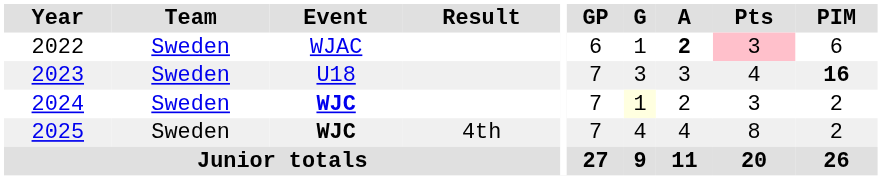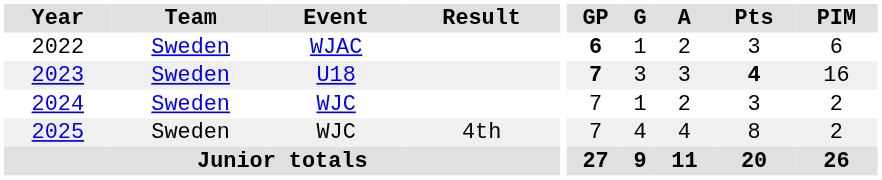 <table border="0" cellpadding="1" cellspacing="0" ID="Table3" style="text-align:center; width:40em;">
 <tr bgcolor="#e0e0e0">
 <th>Year</th>
 <th>Team</th>
 <th>Event</th>
 <th>Result</th>
 <th rowspan="102" bgcolor="#ffffff"></th>
 <th>GP</th>
 <th>G</th>
 <th>A</th>
 <th>Pts</th>
 <th>PIM</th>
 </tr>
 <tr>
 <td>2022</td>
 <td><a href='#'>Sweden</a></td>
 <td><a href='#'>WJAC</a></td>
 <td></td>
-<td>6</td>
+<td><strong>6</strong></td>
 <td>1</td>
-<td><strong>2</strong></td>
-<td style="background: pink;">3</td>
+<td>2</td>
+<td>3</td>
 <td>6</td>
 </tr>
 <tr bgcolor="f0f0f0">
 <td><a href='#'>2023</a></td>
 <td><a href='#'>Sweden</a></td>
 <td><a href='#'>U18</a></td>
 <td></td>
-<td>7</td>
+<td><strong>7</strong></td>
 <td>3</td>
 <td>3</td>
-<td>4</td>
-<td><strong>16</strong></td>
+<td><strong>4</strong></td>
+<td>16</td>
 </tr>
 <tr>
 <td><a href='#'>2024</a></td>
 <td><a href='#'>Sweden</a></td>
-<td><strong><a href='#'>WJC</a></strong></td>
+<td><a href='#'>WJC</a></td>
 <td></td>
 <td>7</td>
-<td style="background: lightyellow;">1</td>
+<td>1</td>
 <td>2</td>
 <td>3</td>
 <td>2</td>
 </tr>
 <tr bgcolor="f0f0f0">
 <td><a href='#'>2025</a></td>
 <td>Sweden</td>
-<td><strong>WJC</strong></td>
+<td>WJC</td>
 <td>4th</td>
 <td>7</td>
 <td>4</td>
 <td>4</td>
 <td>8</td>
 <td>2</td>
 </tr>
 <tr bgcolor="#e0e0e0">
 <th colspan="4">Junior totals</th>
 <th>27</th>
 <th>9</th>
 <th>11</th>
 <th>20</th>
 <th>26</th>
 </tr>
 </table>
